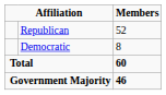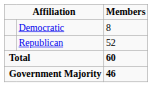 <table class="wikitable">
 <tr>
 <td colspan="2" rowspan="1" align="center" valign="top"><strong>Affiliation</strong></td>
 <td style="vertical-align:top;"><strong>Members</strong></td>
 </tr>
 <tr>
 <td style="background-color:"> </td>
-<td><a href='#'>Republican</a></td>
-<td>52</td>
+<td><a href='#'>Democratic</a></td>
+<td>8</td>
 </tr>
 <tr>
 <td style="background-color:"> </td>
-<td><a href='#'>Democratic</a></td>
-<td>8</td>
+<td><a href='#'>Republican</a></td>
+<td>52</td>
 </tr>
 <tr>
 <td colspan="2" rowspan="1"> <strong>Total</strong></td>
 <td><strong>60</strong></td>
 </tr>
 <tr>
 <td colspan="2" rowspan="1"> <strong>Government Majority</strong></td>
 <td><strong>46</strong></td>
 </tr>
 </table>
